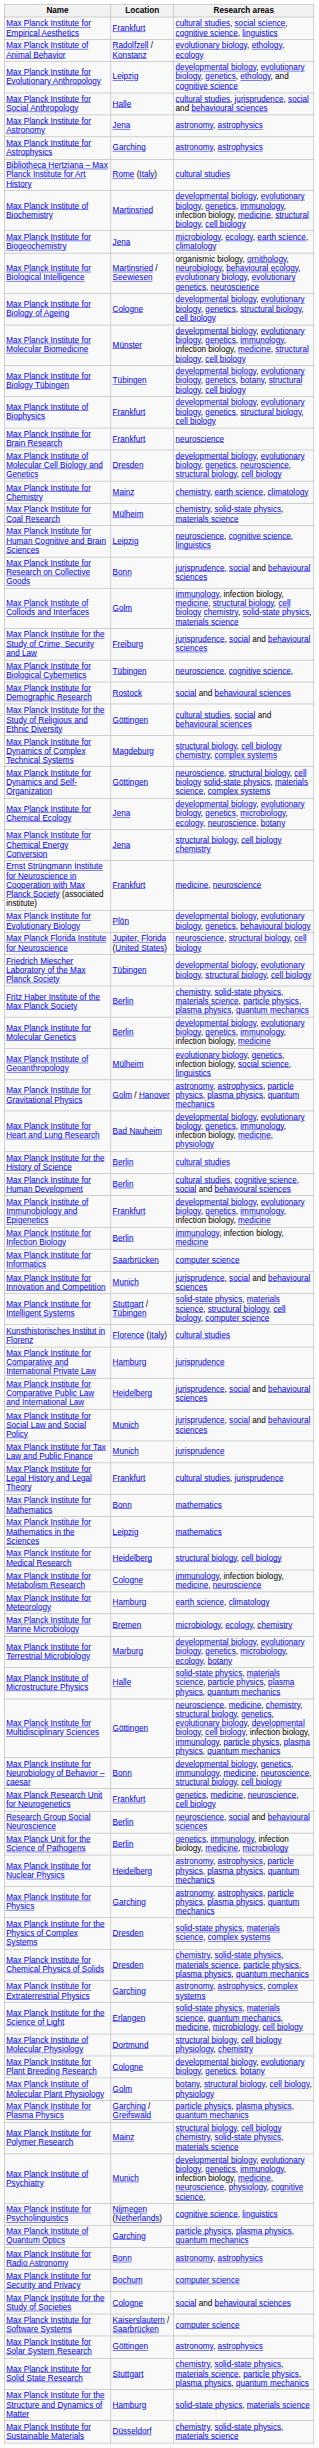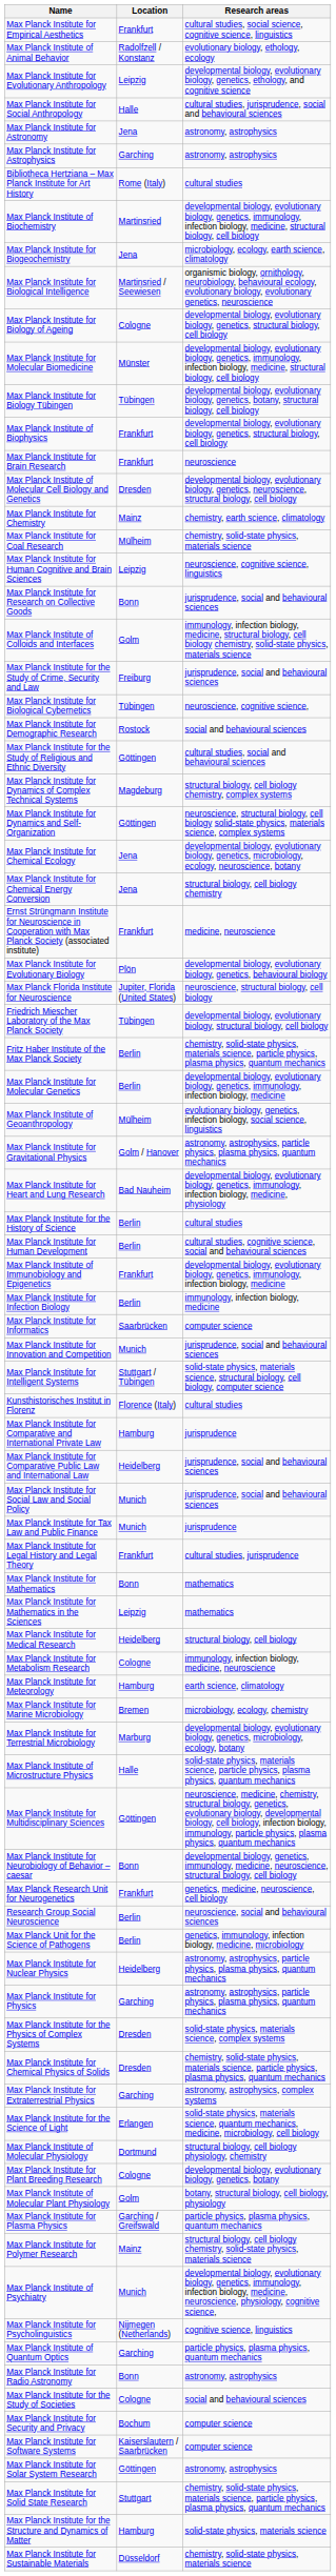 <table class="wikitable sortable">
 <tr>
 <th>Name</th>
 <th>Location</th>
 <th>Research areas</th>
 </tr>
 <tr>
 <td><a href='#'>Max Planck Institute for Empirical Aesthetics</a></td>
 <td><a href='#'>Frankfurt</a></td>
 <td><a href='#'>cultural studies</a>, <a href='#'>social science</a>, <a href='#'>cognitive science</a>, <a href='#'>linguistics</a></td>
 </tr>
 <tr>
 <td><a href='#'>Max Planck Institute of Animal Behavior</a></td>
 <td><a href='#'>Radolfzell</a> / <a href='#'>Konstanz</a></td>
 <td><a href='#'>evolutionary biology</a>, <a href='#'>ethology</a>, <a href='#'>ecology</a></td>
 </tr>
 <tr>
 <td><a href='#'>Max Planck Institute for Evolutionary Anthropology</a></td>
 <td><a href='#'>Leipzig</a></td>
 <td><a href='#'>developmental biology</a>, <a href='#'>evolutionary biology</a>, <a href='#'>genetics</a>, <a href='#'>ethology</a>, and <a href='#'>cognitive science</a></td>
 </tr>
 <tr>
 <td><a href='#'>Max Planck Institute for Social Anthropology</a></td>
 <td><a href='#'>Halle</a></td>
 <td><a href='#'>cultural studies</a>, <a href='#'>jurisprudence</a>, <a href='#'>social</a> and <a href='#'>behavioural sciences</a></td>
 </tr>
 <tr>
 <td><a href='#'>Max Planck Institute for Astronomy</a></td>
 <td><a href='#'>Jena</a></td>
 <td><a href='#'>astronomy</a>, <a href='#'>astrophysics</a></td>
 </tr>
 <tr>
 <td><a href='#'>Max Planck Institute for Astrophysics</a></td>
 <td><a href='#'>Garching</a></td>
 <td><a href='#'>astronomy</a>, <a href='#'>astrophysics</a></td>
 </tr>
 <tr>
 <td><a href='#'>Bibliotheca Hertziana – Max Planck Institute for Art History</a></td>
 <td><a href='#'>Rome</a> (<a href='#'>Italy</a>)</td>
 <td><a href='#'>cultural studies</a></td>
 </tr>
 <tr>
 <td><a href='#'>Max Planck Institute of Biochemistry</a></td>
 <td><a href='#'>Martinsried</a></td>
 <td><a href='#'>developmental biology</a>, <a href='#'>evolutionary biology</a>, <a href='#'>genetics</a>, <a href='#'>immunology</a>, infection biology, <a href='#'>medicine</a>, <a href='#'>structural biology</a>, <a href='#'>cell biology</a></td>
 </tr>
 <tr>
 <td><a href='#'>Max Planck Institute for Biogeochemistry</a></td>
 <td><a href='#'>Jena</a></td>
 <td><a href='#'>microbiology</a>, <a href='#'>ecology</a>, <a href='#'>earth science</a>, <a href='#'>climatology</a></td>
 </tr>
 <tr>
 <td><a href='#'>Max Planck Institute for Biological Intelligence</a></td>
 <td><a href='#'>Martinsried</a> / <a href='#'>Seewiesen</a></td>
 <td>organismic biology, <a href='#'>ornithology</a>, <a href='#'>neurobiology</a>, <a href='#'>behavioural ecology</a>, <a href='#'>evolutionary biology</a>, <a href='#'>evolutionary genetics</a>, <a href='#'>neuroscience</a></td>
 </tr>
 <tr>
 <td><a href='#'>Max Planck Institute for Biology of Ageing</a></td>
 <td><a href='#'>Cologne</a></td>
 <td><a href='#'>developmental biology</a>, <a href='#'>evolutionary biology</a>, <a href='#'>genetics</a>, <a href='#'>structural biology</a>, <a href='#'>cell biology</a></td>
 </tr>
 <tr>
 <td><a href='#'>Max Planck Institute for Molecular Biomedicine</a></td>
 <td><a href='#'>Münster</a></td>
 <td><a href='#'>developmental biology</a>, <a href='#'>evolutionary biology</a>, <a href='#'>genetics</a>, <a href='#'>immunology</a>, infection biology, <a href='#'>medicine</a>, <a href='#'>structural biology</a>, <a href='#'>cell biology</a></td>
 </tr>
 <tr>
 <td><a href='#'>Max Planck Institute for Biology Tübingen</a></td>
 <td><a href='#'>Tübingen</a></td>
 <td><a href='#'>developmental biology</a>, <a href='#'>evolutionary biology</a>, <a href='#'>genetics</a>, <a href='#'>botany</a>, <a href='#'>structural biology</a>, <a href='#'>cell biology</a></td>
 </tr>
 <tr>
 <td><a href='#'>Max Planck Institute of Biophysics</a></td>
 <td><a href='#'>Frankfurt</a></td>
 <td><a href='#'>developmental biology</a>, <a href='#'>evolutionary biology</a>, <a href='#'>genetics</a>, <a href='#'>structural biology</a>, <a href='#'>cell biology</a></td>
 </tr>
 <tr>
 <td><a href='#'>Max Planck Institute for Brain Research</a></td>
 <td><a href='#'>Frankfurt</a></td>
 <td><a href='#'>neuroscience</a></td>
 </tr>
 <tr>
 <td><a href='#'>Max Planck Institute of Molecular Cell Biology and Genetics</a></td>
 <td><a href='#'>Dresden</a></td>
 <td><a href='#'>developmental biology</a>, <a href='#'>evolutionary biology</a>, <a href='#'>genetics</a>, <a href='#'>neuroscience</a>, <a href='#'>structural biology</a>, <a href='#'>cell biology</a></td>
 </tr>
 <tr>
 <td><a href='#'>Max Planck Institute for Chemistry</a></td>
 <td><a href='#'>Mainz</a></td>
 <td><a href='#'>chemistry</a>, <a href='#'>earth science</a>, <a href='#'>climatology</a></td>
 </tr>
 <tr>
 <td><a href='#'>Max Planck Institute for Coal Research</a></td>
 <td><a href='#'>Mülheim</a></td>
 <td><a href='#'>chemistry</a>, <a href='#'>solid-state physics</a>, <a href='#'>materials science</a></td>
 </tr>
 <tr>
 <td><a href='#'>Max Planck Institute for Human Cognitive and Brain Sciences</a></td>
 <td><a href='#'>Leipzig</a></td>
 <td><a href='#'>neuroscience</a>, <a href='#'>cognitive science</a>, <a href='#'>linguistics</a></td>
 </tr>
 <tr>
 <td><a href='#'>Max Planck Institute for Research on Collective Goods</a></td>
 <td><a href='#'>Bonn</a></td>
 <td><a href='#'>jurisprudence</a>, <a href='#'>social</a> and <a href='#'>behavioural sciences</a></td>
 </tr>
 <tr>
 <td><a href='#'>Max Planck Institute of Colloids and Interfaces</a></td>
 <td><a href='#'>Golm</a></td>
 <td><a href='#'>immunology</a>, infection biology, <a href='#'>medicine</a>, <a href='#'>structural biology</a>, <a href='#'>cell biology</a> <a href='#'>chemistry</a>, <a href='#'>solid-state physics</a>, <a href='#'>materials science</a></td>
 </tr>
 <tr>
 <td><a href='#'>Max Planck Institute for the Study of Crime, Security and Law</a></td>
 <td><a href='#'>Freiburg</a></td>
 <td><a href='#'>jurisprudence</a>, <a href='#'>social</a> and <a href='#'>behavioural sciences</a></td>
 </tr>
 <tr>
 <td><a href='#'>Max Planck Institute for Biological Cybernetics</a></td>
 <td><a href='#'>Tübingen</a></td>
 <td><a href='#'>neuroscience</a>, <a href='#'>cognitive science</a>,</td>
 </tr>
 <tr>
 <td><a href='#'>Max Planck Institute for Demographic Research</a></td>
 <td><a href='#'>Rostock</a></td>
 <td><a href='#'>social</a> and <a href='#'>behavioural sciences</a></td>
 </tr>
 <tr>
 <td><a href='#'>Max Planck Institute for the Study of Religious and Ethnic Diversity</a></td>
 <td><a href='#'>Göttingen</a></td>
 <td><a href='#'>cultural studies</a>, <a href='#'>social</a> and <a href='#'>behavioural sciences</a></td>
 </tr>
 <tr>
 <td><a href='#'>Max Planck Institute for Dynamics of Complex Technical Systems</a></td>
 <td><a href='#'>Magdeburg</a></td>
 <td><a href='#'>structural biology</a>, <a href='#'>cell biology</a> <a href='#'>chemistry</a>, <a href='#'>complex systems</a></td>
 </tr>
 <tr>
 <td><a href='#'>Max Planck Institute for Dynamics and Self-Organization</a></td>
 <td><a href='#'>Göttingen</a></td>
 <td><a href='#'>neuroscience</a>, <a href='#'>structural biology</a>, <a href='#'>cell biology</a> <a href='#'>solid-state physics</a>, <a href='#'>materials science</a>, <a href='#'>complex systems</a></td>
 </tr>
 <tr>
 <td><a href='#'>Max Planck Institute for Chemical Ecology</a></td>
 <td><a href='#'>Jena</a></td>
 <td><a href='#'>developmental biology</a>, <a href='#'>evolutionary biology</a>, <a href='#'>genetics</a>, <a href='#'>microbiology</a>, <a href='#'>ecology</a>,  <a href='#'>neuroscience</a>, <a href='#'>botany</a></td>
 </tr>
 <tr>
 <td><a href='#'>Max Planck Institute for Chemical Energy Conversion</a></td>
 <td><a href='#'>Jena</a></td>
 <td><a href='#'>structural biology</a>, <a href='#'>cell biology</a> <a href='#'>chemistry</a></td>
 </tr>
 <tr>
 <td><a href='#'>Ernst Strüngmann Institute for Neuroscience in Cooperation with Max Planck Society</a> (associated institute)</td>
 <td><a href='#'>Frankfurt</a></td>
 <td><a href='#'>medicine</a>, <a href='#'>neuroscience</a></td>
 </tr>
 <tr>
 <td><a href='#'>Max Planck Institute for Evolutionary Biology</a></td>
 <td><a href='#'>Plön</a></td>
 <td><a href='#'>developmental biology</a>, <a href='#'>evolutionary biology</a>, <a href='#'>genetics</a>, <a href='#'>behavioural biology</a></td>
 </tr>
 <tr>
 <td><a href='#'>Max Planck Florida Institute for Neuroscience</a></td>
 <td><a href='#'>Jupiter, Florida</a> (<a href='#'>United States</a>)</td>
 <td><a href='#'>neuroscience</a>, <a href='#'>structural biology</a>, <a href='#'>cell biology</a></td>
 </tr>
 <tr>
 <td><a href='#'>Friedrich Miescher Laboratory of the Max Planck Society</a></td>
 <td><a href='#'>Tübingen</a></td>
 <td><a href='#'>developmental biology</a>, <a href='#'>evolutionary biology</a>, <a href='#'>structural biology</a>, <a href='#'>cell biology</a></td>
 </tr>
 <tr>
 <td><a href='#'>Fritz Haber Institute of the Max Planck Society</a></td>
 <td><a href='#'>Berlin</a></td>
 <td><a href='#'>chemistry</a>, <a href='#'>solid-state physics</a>, <a href='#'>materials science</a>, <a href='#'>particle physics</a>, <a href='#'>plasma physics</a>, <a href='#'>quantum mechanics</a></td>
 </tr>
 <tr>
 <td><a href='#'>Max Planck Institute for Molecular Genetics</a></td>
 <td><a href='#'>Berlin</a></td>
 <td><a href='#'>developmental biology</a>, <a href='#'>evolutionary biology</a>, <a href='#'>genetics</a>, <a href='#'>immunology</a>, infection biology, <a href='#'>medicine</a></td>
 </tr>
 <tr>
 <td><a href='#'>Max Planck Institute of Geoanthropology</a></td>
 <td><a href='#'>Mülheim</a></td>
 <td><a href='#'>evolutionary biology</a>, <a href='#'>genetics</a>, infection biology, <a href='#'>social science</a>, <a href='#'>linguistics</a></td>
 </tr>
 <tr>
 <td><a href='#'>Max Planck Institute for Gravitational Physics</a></td>
 <td><a href='#'>Golm</a> / <a href='#'>Hanover</a></td>
 <td><a href='#'>astronomy</a>, <a href='#'>astrophysics</a>, <a href='#'>particle physics</a>, <a href='#'>plasma physics</a>, <a href='#'>quantum mechanics</a></td>
 </tr>
 <tr>
 <td><a href='#'>Max Planck Institute for Heart and Lung Research</a></td>
 <td><a href='#'>Bad Nauheim</a></td>
 <td><a href='#'>developmental biology</a>, <a href='#'>evolutionary biology</a>, <a href='#'>genetics</a>, <a href='#'>immunology</a>, infection biology, <a href='#'>medicine</a>, <a href='#'>physiology</a></td>
 </tr>
 <tr>
 <td><a href='#'>Max Planck Institute for the History of Science</a></td>
 <td><a href='#'>Berlin</a></td>
 <td><a href='#'>cultural studies</a></td>
 </tr>
 <tr>
 <td><a href='#'>Max Planck Institute for Human Development</a></td>
 <td><a href='#'>Berlin</a></td>
 <td><a href='#'>cultural studies</a>, <a href='#'>cognitive science</a>, <a href='#'>social</a> and <a href='#'>behavioural sciences</a></td>
 </tr>
 <tr>
 <td><a href='#'>Max Planck Institute of Immunobiology and Epigenetics</a></td>
 <td><a href='#'>Frankfurt</a></td>
 <td><a href='#'>developmental biology</a>, <a href='#'>evolutionary biology</a>, <a href='#'>genetics</a>, <a href='#'>immunology</a>, infection biology, <a href='#'>medicine</a></td>
 </tr>
 <tr>
 <td><a href='#'>Max Planck Institute for Infection Biology</a></td>
 <td><a href='#'>Berlin</a></td>
 <td><a href='#'>immunology</a>, infection biology, <a href='#'>medicine</a></td>
 </tr>
 <tr>
 <td><a href='#'>Max Planck Institute for Informatics</a></td>
 <td><a href='#'>Saarbrücken</a></td>
 <td><a href='#'>computer science</a></td>
 </tr>
 <tr>
 <td><a href='#'>Max Planck Institute for Innovation and Competition</a></td>
 <td><a href='#'>Munich</a></td>
 <td><a href='#'>jurisprudence</a>, <a href='#'>social</a> and <a href='#'>behavioural sciences</a></td>
 </tr>
 <tr>
 <td><a href='#'>Max Planck Institute for Intelligent Systems</a></td>
 <td><a href='#'>Stuttgart</a> / <a href='#'>Tübingen</a></td>
 <td><a href='#'>solid-state physics</a>, <a href='#'>materials science</a>, <a href='#'>structural biology</a>, <a href='#'>cell biology</a>, <a href='#'>computer science</a></td>
 </tr>
 <tr>
 <td><a href='#'>Kunsthistorisches Institut in Florenz</a></td>
 <td><a href='#'>Florence</a> (<a href='#'>Italy</a>)</td>
 <td><a href='#'>cultural studies</a></td>
 </tr>
 <tr>
 <td><a href='#'>Max Planck Institute for Comparative and International Private Law</a></td>
 <td><a href='#'>Hamburg</a></td>
 <td><a href='#'>jurisprudence</a></td>
 </tr>
 <tr>
 <td><a href='#'>Max Planck Institute for Comparative Public Law and International Law</a></td>
 <td><a href='#'>Heidelberg</a></td>
 <td><a href='#'>jurisprudence</a>, <a href='#'>social</a> and <a href='#'>behavioural sciences</a></td>
 </tr>
 <tr>
 <td><a href='#'>Max Planck Institute for Social Law and Social Policy</a></td>
 <td><a href='#'>Munich</a></td>
 <td><a href='#'>jurisprudence</a>, <a href='#'>social</a> and <a href='#'>behavioural sciences</a></td>
 </tr>
 <tr>
 <td><a href='#'>Max Planck Institute for Tax Law and Public Finance</a></td>
 <td><a href='#'>Munich</a></td>
 <td><a href='#'>jurisprudence</a></td>
 </tr>
 <tr>
 <td><a href='#'>Max Planck Institute for Legal History and Legal Theory</a></td>
 <td><a href='#'>Frankfurt</a></td>
 <td><a href='#'>cultural studies</a>, <a href='#'>jurisprudence</a></td>
 </tr>
 <tr>
 <td><a href='#'>Max Planck Institute for Mathematics</a></td>
 <td><a href='#'>Bonn</a></td>
 <td><a href='#'>mathematics</a></td>
 </tr>
 <tr>
 <td><a href='#'>Max Planck Institute for Mathematics in the Sciences</a></td>
 <td><a href='#'>Leipzig</a></td>
 <td><a href='#'>mathematics</a></td>
 </tr>
 <tr>
 <td><a href='#'>Max Planck Institute for Medical Research</a></td>
 <td><a href='#'>Heidelberg</a></td>
 <td><a href='#'>structural biology</a>, <a href='#'>cell biology</a></td>
 </tr>
 <tr>
 <td><a href='#'>Max Planck Institute for Metabolism Research</a></td>
 <td><a href='#'>Cologne</a></td>
 <td><a href='#'>immunology</a>, infection biology, <a href='#'>medicine</a>, <a href='#'>neuroscience</a></td>
 </tr>
 <tr>
 <td><a href='#'>Max Planck Institute for Meteorology</a></td>
 <td><a href='#'>Hamburg</a></td>
 <td><a href='#'>earth science</a>, <a href='#'>climatology</a></td>
 </tr>
 <tr>
 <td><a href='#'>Max Planck Institute for Marine Microbiology</a></td>
 <td><a href='#'>Bremen</a></td>
 <td><a href='#'>microbiology</a>, <a href='#'>ecology</a>, <a href='#'>chemistry</a></td>
 </tr>
 <tr>
 <td><a href='#'>Max Planck Institute for Terrestrial Microbiology</a></td>
 <td><a href='#'>Marburg</a></td>
 <td><a href='#'>developmental biology</a>, <a href='#'>evolutionary biology</a>, <a href='#'>genetics</a>, <a href='#'>microbiology</a>, <a href='#'>ecology</a>,  <a href='#'>botany</a></td>
 </tr>
 <tr>
 <td><a href='#'>Max Planck Institute of Microstructure Physics</a></td>
 <td><a href='#'>Halle</a></td>
 <td><a href='#'>solid-state physics</a>, <a href='#'>materials science</a>, <a href='#'>particle physics</a>, <a href='#'>plasma physics</a>, <a href='#'>quantum mechanics</a></td>
 </tr>
 <tr>
 <td><a href='#'>Max Planck Institute for Multidisciplinary Sciences</a></td>
 <td><a href='#'>Göttingen</a></td>
 <td><a href='#'>neuroscience</a>, <a href='#'>medicine</a>, <a href='#'>chemistry</a>, <a href='#'>structural biology</a>, <a href='#'>genetics</a>, <a href='#'>evolutionary biology</a>, <a href='#'>developmental biology</a>, <a href='#'>cell  biology</a>, infection biology, <a href='#'>immunology</a>, <a href='#'>particle physics</a>, <a href='#'>plasma physics</a>, <a href='#'>quantum mechanics</a></td>
 </tr>
 <tr>
 <td><a href='#'>Max Planck Institute for Neurobiology of Behavior – caesar</a></td>
 <td><a href='#'>Bonn</a></td>
 <td><a href='#'>developmental biology</a>, <a href='#'>genetics</a>, <a href='#'>immunology</a>, <a href='#'>medicine</a>, <a href='#'>neuroscience</a>, <a href='#'>structural biology</a>, <a href='#'>cell biology</a></td>
 </tr>
 <tr>
 <td><a href='#'>Max Planck Research Unit for Neurogenetics</a></td>
 <td><a href='#'>Frankfurt</a></td>
 <td><a href='#'>genetics</a>, <a href='#'>medicine</a>, <a href='#'>neuroscience</a>, <a href='#'>cell biology</a></td>
 </tr>
 <tr>
 <td><a href='#'>Research Group Social Neuroscience</a></td>
 <td><a href='#'>Berlin</a></td>
 <td><a href='#'>neuroscience</a>, <a href='#'>social</a> and <a href='#'>behavioural sciences</a></td>
 </tr>
 <tr>
 <td><a href='#'>Max Planck Unit for the Science of Pathogens</a></td>
 <td><a href='#'>Berlin</a></td>
 <td><a href='#'>genetics</a>, <a href='#'>immunology</a>, infection biology, <a href='#'>medicine</a>, <a href='#'>microbiology</a></td>
 </tr>
 <tr>
 <td><a href='#'>Max Planck Institute for Nuclear Physics</a></td>
 <td><a href='#'>Heidelberg</a></td>
 <td><a href='#'>astronomy</a>, <a href='#'>astrophysics</a>, <a href='#'>particle physics</a>, <a href='#'>plasma physics</a>, <a href='#'>quantum mechanics</a></td>
 </tr>
 <tr>
 <td><a href='#'>Max Planck Institute for Physics</a></td>
 <td><a href='#'>Garching</a></td>
 <td><a href='#'>astronomy</a>, <a href='#'>astrophysics</a>, <a href='#'>particle physics</a>, <a href='#'>plasma physics</a>, <a href='#'>quantum mechanics</a></td>
 </tr>
 <tr>
 <td><a href='#'>Max Planck Institute for the Physics of Complex Systems</a></td>
 <td><a href='#'>Dresden</a></td>
 <td><a href='#'>solid-state physics</a>, <a href='#'>materials science</a>, <a href='#'>complex systems</a></td>
 </tr>
 <tr>
 <td><a href='#'>Max Planck Institute for Chemical Physics of Solids</a></td>
 <td><a href='#'>Dresden</a></td>
 <td><a href='#'>chemistry</a>, <a href='#'>solid-state physics</a>, <a href='#'>materials science</a>, <a href='#'>particle physics</a>, <a href='#'>plasma physics</a>, <a href='#'>quantum mechanics</a></td>
 </tr>
 <tr>
 <td><a href='#'>Max Planck Institute for Extraterrestrial Physics</a></td>
 <td><a href='#'>Garching</a></td>
 <td><a href='#'>astronomy</a>, <a href='#'>astrophysics</a>, <a href='#'>complex systems</a></td>
 </tr>
 <tr>
 <td><a href='#'>Max Planck Institute for the Science of Light</a></td>
 <td><a href='#'>Erlangen</a></td>
 <td><a href='#'>solid-state physics</a>, <a href='#'>materials science</a>, <a href='#'>quantum mechanics</a>, <a href='#'>medicine</a>, <a href='#'>microbiology</a>, <a href='#'>cell biology</a></td>
 </tr>
 <tr>
 <td><a href='#'>Max Planck Institute of Molecular Physiology</a></td>
 <td><a href='#'>Dortmund</a></td>
 <td><a href='#'>structural biology</a>, <a href='#'>cell biology</a> <a href='#'>physiology</a>, <a href='#'>chemistry</a></td>
 </tr>
 <tr>
 <td><a href='#'>Max Planck Institute for Plant Breeding Research</a></td>
 <td><a href='#'>Cologne</a></td>
 <td><a href='#'>developmental biology</a>, <a href='#'>evolutionary biology</a>, <a href='#'>genetics</a>, <a href='#'>botany</a></td>
 </tr>
 <tr>
 <td><a href='#'>Max Planck Institute of Molecular Plant Physiology</a></td>
 <td><a href='#'>Golm</a></td>
 <td><a href='#'>botany</a>, <a href='#'>structural biology</a>, <a href='#'>cell biology</a>, <a href='#'>physiology</a></td>
 </tr>
 <tr>
 <td><a href='#'>Max Planck Institute for Plasma Physics</a></td>
 <td><a href='#'>Garching</a> / <a href='#'>Greifswald</a></td>
 <td><a href='#'>particle physics</a>, <a href='#'>plasma physics</a>, <a href='#'>quantum mechanics</a></td>
 </tr>
 <tr>
 <td><a href='#'>Max Planck Institute for Polymer Research</a></td>
 <td><a href='#'>Mainz</a></td>
 <td><a href='#'>structural biology</a>, <a href='#'>cell biology</a> <a href='#'>chemistry</a>, <a href='#'>solid-state physics</a>, <a href='#'>materials science</a></td>
 </tr>
 <tr>
 <td><a href='#'>Max Planck Institute of Psychiatry</a></td>
 <td><a href='#'>Munich</a></td>
 <td><a href='#'>developmental biology</a>, <a href='#'>evolutionary biology</a>, <a href='#'>genetics</a>, <a href='#'>immunology</a>, infection biology, <a href='#'>medicine</a>, <a href='#'>neuroscience</a>, <a href='#'>physiology</a>, <a href='#'>cognitive science</a>,</td>
 </tr>
 <tr>
 <td><a href='#'>Max Planck Institute for Psycholinguistics</a></td>
 <td><a href='#'>Nijmegen</a> (<a href='#'>Netherlands</a>)</td>
 <td><a href='#'>cognitive science</a>, <a href='#'>linguistics</a></td>
 </tr>
 <tr>
 <td><a href='#'>Max Planck Institute of Quantum Optics</a></td>
 <td><a href='#'>Garching</a></td>
 <td><a href='#'>particle physics</a>, <a href='#'>plasma physics</a>, <a href='#'>quantum mechanics</a></td>
 </tr>
 <tr>
 <td><a href='#'>Max Planck Institute for Radio Astronomy</a></td>
 <td><a href='#'>Bonn</a></td>
 <td><a href='#'>astronomy</a>, <a href='#'>astrophysics</a></td>
 </tr>
 <tr>
+<td><a href='#'>Max Planck Institute for the Study of Societies</a></td>
+<td><a href='#'>Cologne</a></td>
+<td><a href='#'>social</a> and <a href='#'>behavioural sciences</a></td>
+</tr>
+<tr>
 <td><a href='#'>Max Planck Institute for Security and Privacy</a></td>
 <td><a href='#'>Bochum</a></td>
 <td><a href='#'>computer science</a></td>
-</tr>
-<tr>
-<td><a href='#'>Max Planck Institute for the Study of Societies</a></td>
-<td><a href='#'>Cologne</a></td>
-<td><a href='#'>social</a> and <a href='#'>behavioural sciences</a></td>
 </tr>
 <tr>
 <td><a href='#'>Max Planck Institute for Software Systems</a></td>
 <td><a href='#'>Kaiserslautern</a> / <a href='#'>Saarbrücken</a></td>
 <td><a href='#'>computer science</a></td>
 </tr>
 <tr>
 <td><a href='#'>Max Planck Institute for Solar System Research</a></td>
 <td><a href='#'>Göttingen</a></td>
 <td><a href='#'>astronomy</a>, <a href='#'>astrophysics</a></td>
 </tr>
 <tr>
 <td><a href='#'>Max Planck Institute for Solid State Research</a></td>
 <td><a href='#'>Stuttgart</a></td>
 <td><a href='#'>chemistry</a>, <a href='#'>solid-state physics</a>, <a href='#'>materials science</a>, <a href='#'>particle physics</a>, <a href='#'>plasma physics</a>, <a href='#'>quantum mechanics</a></td>
 </tr>
 <tr>
 <td><a href='#'>Max Planck Institute for the Structure and Dynamics of Matter</a></td>
 <td><a href='#'>Hamburg</a></td>
 <td><a href='#'>solid-state physics</a>, <a href='#'>materials science</a></td>
 </tr>
 <tr>
 <td><a href='#'>Max Planck Institute for Sustainable Materials</a></td>
 <td><a href='#'>Düsseldorf</a></td>
 <td><a href='#'>chemistry</a>, <a href='#'>solid-state physics</a>, <a href='#'>materials science</a></td>
 </tr>
 </table>
